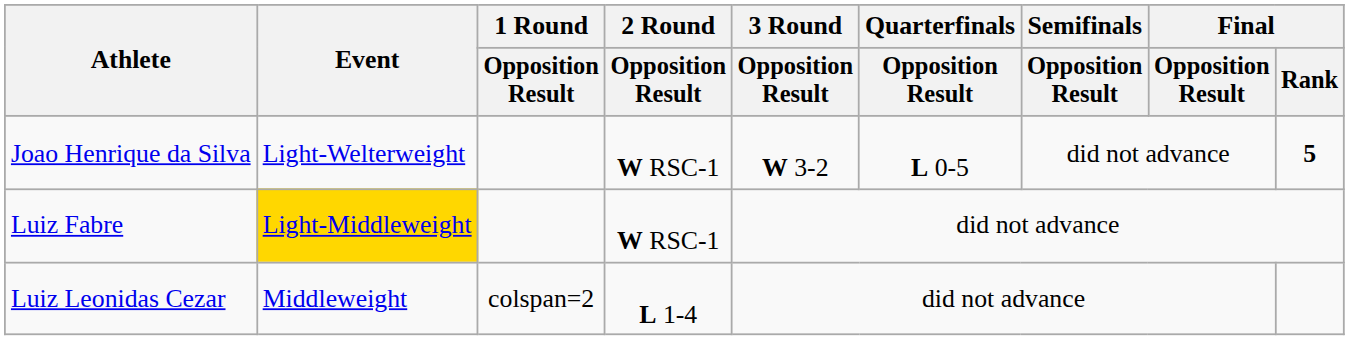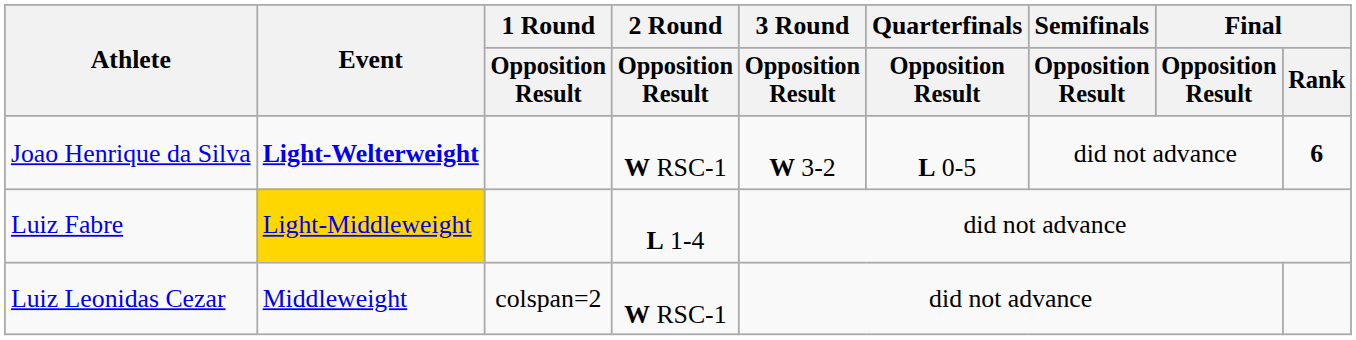 <table class="wikitable" style="font-size:90%">
 <tr>
 <th rowspan="2">Athlete</th>
 <th rowspan="2">Event</th>
 <th>1 Round</th>
 <th>2 Round</th>
 <th>3 Round</th>
 <th>Quarterfinals</th>
 <th>Semifinals</th>
 <th colspan="2">Final</th>
 </tr>
 <tr style="font-size:95%">
 <th>Opposition<br>Result</th>
 <th>Opposition<br>Result</th>
 <th>Opposition<br>Result</th>
 <th>Opposition<br>Result</th>
 <th>Opposition<br>Result</th>
 <th>Opposition<br>Result</th>
 <th>Rank</th>
 </tr>
 <tr align=center>
 <td align=left><a href='#'>Joao Henrique da Silva</a></td>
-<td align=left><a href='#'>Light-Welterweight</a></td>
+<td align=left><strong><a href='#'>Light-Welterweight</a></strong></td>
 <td></td>
 <td><br><strong>W</strong> RSC-1</td>
 <td><br><strong>W</strong> 3-2</td>
 <td><br><strong>L</strong> 0-5</td>
 <td colspan=2>did not advance</td>
-<td><strong>5</strong></td>
+<td><strong>6</strong></td>
 </tr>
 <tr align=center>
 <td align=left><a href='#'>Luiz Fabre</a></td>
 <td align=left style="background: gold;"><a href='#'>Light-Middleweight</a></td>
 <td></td>
-<td><br><strong>W</strong> RSC-1</td>
+<td><br><strong>L</strong> 1-4</td>
 <td colspan=5>did not advance</td>
 </tr>
 <tr align=center>
 <td align=left><a href='#'>Luiz Leonidas Cezar</a></td>
 <td align=left><a href='#'>Middleweight</a></td>
 <td>colspan=2 </td>
-<td><br><strong>L</strong> 1-4</td>
+<td><br><strong>W</strong> RSC-1</td>
 <td colspan=4>did not advance</td>
 </tr>
 </table>
